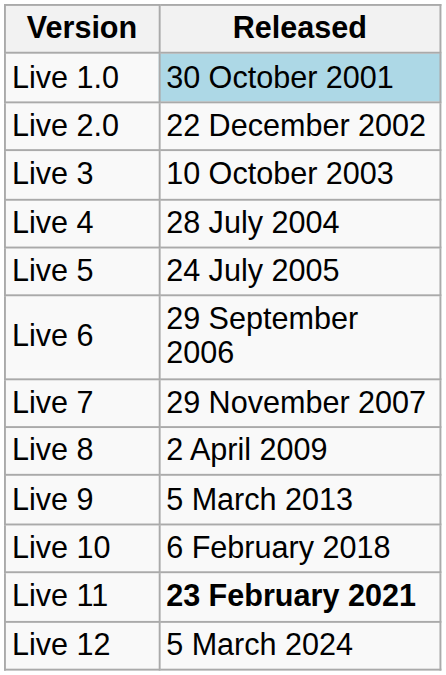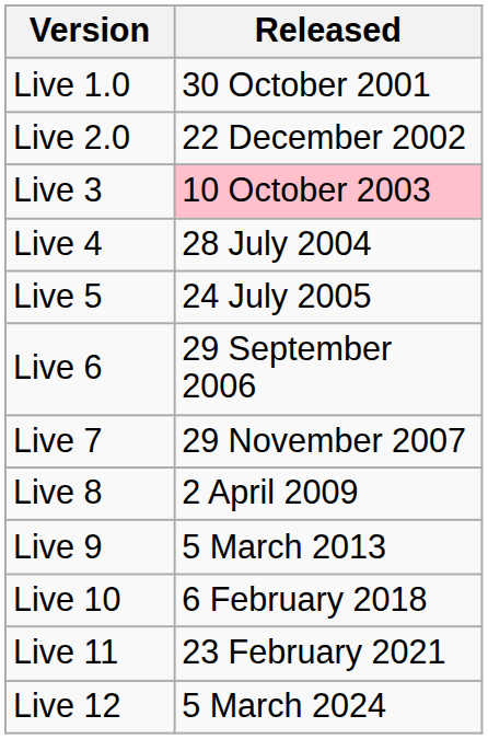 <table class="wikitable">
 <tr>
 <th style="width: 55pt;">Version</th>
 <th style="width: 105pt;">Released</th>
 </tr>
 <tr>
 <td>Live 1.0</td>
-<td style="background: lightblue;">30 October 2001</td>
+<td>30 October 2001</td>
 </tr>
 <tr>
 <td>Live 2.0</td>
 <td>22 December 2002</td>
 </tr>
 <tr>
 <td>Live 3</td>
-<td>10 October 2003</td>
+<td style="background: pink;">10 October 2003</td>
 </tr>
 <tr>
 <td>Live 4</td>
 <td>28 July 2004</td>
 </tr>
 <tr>
 <td>Live 5</td>
 <td>24 July 2005</td>
 </tr>
 <tr>
 <td>Live 6</td>
 <td>29 September 2006</td>
 </tr>
 <tr>
 <td>Live 7</td>
 <td>29 November 2007</td>
 </tr>
 <tr>
 <td>Live 8</td>
 <td>2 April 2009</td>
 </tr>
 <tr>
 <td>Live 9</td>
 <td>5 March 2013</td>
 </tr>
 <tr>
 <td>Live 10</td>
 <td>6 February 2018</td>
 </tr>
 <tr>
 <td>Live 11</td>
-<td><strong>23 February 2021</strong></td>
+<td>23 February 2021</td>
 </tr>
 <tr>
 <td>Live 12</td>
 <td>5 March 2024</td>
 </tr>
 </table>
